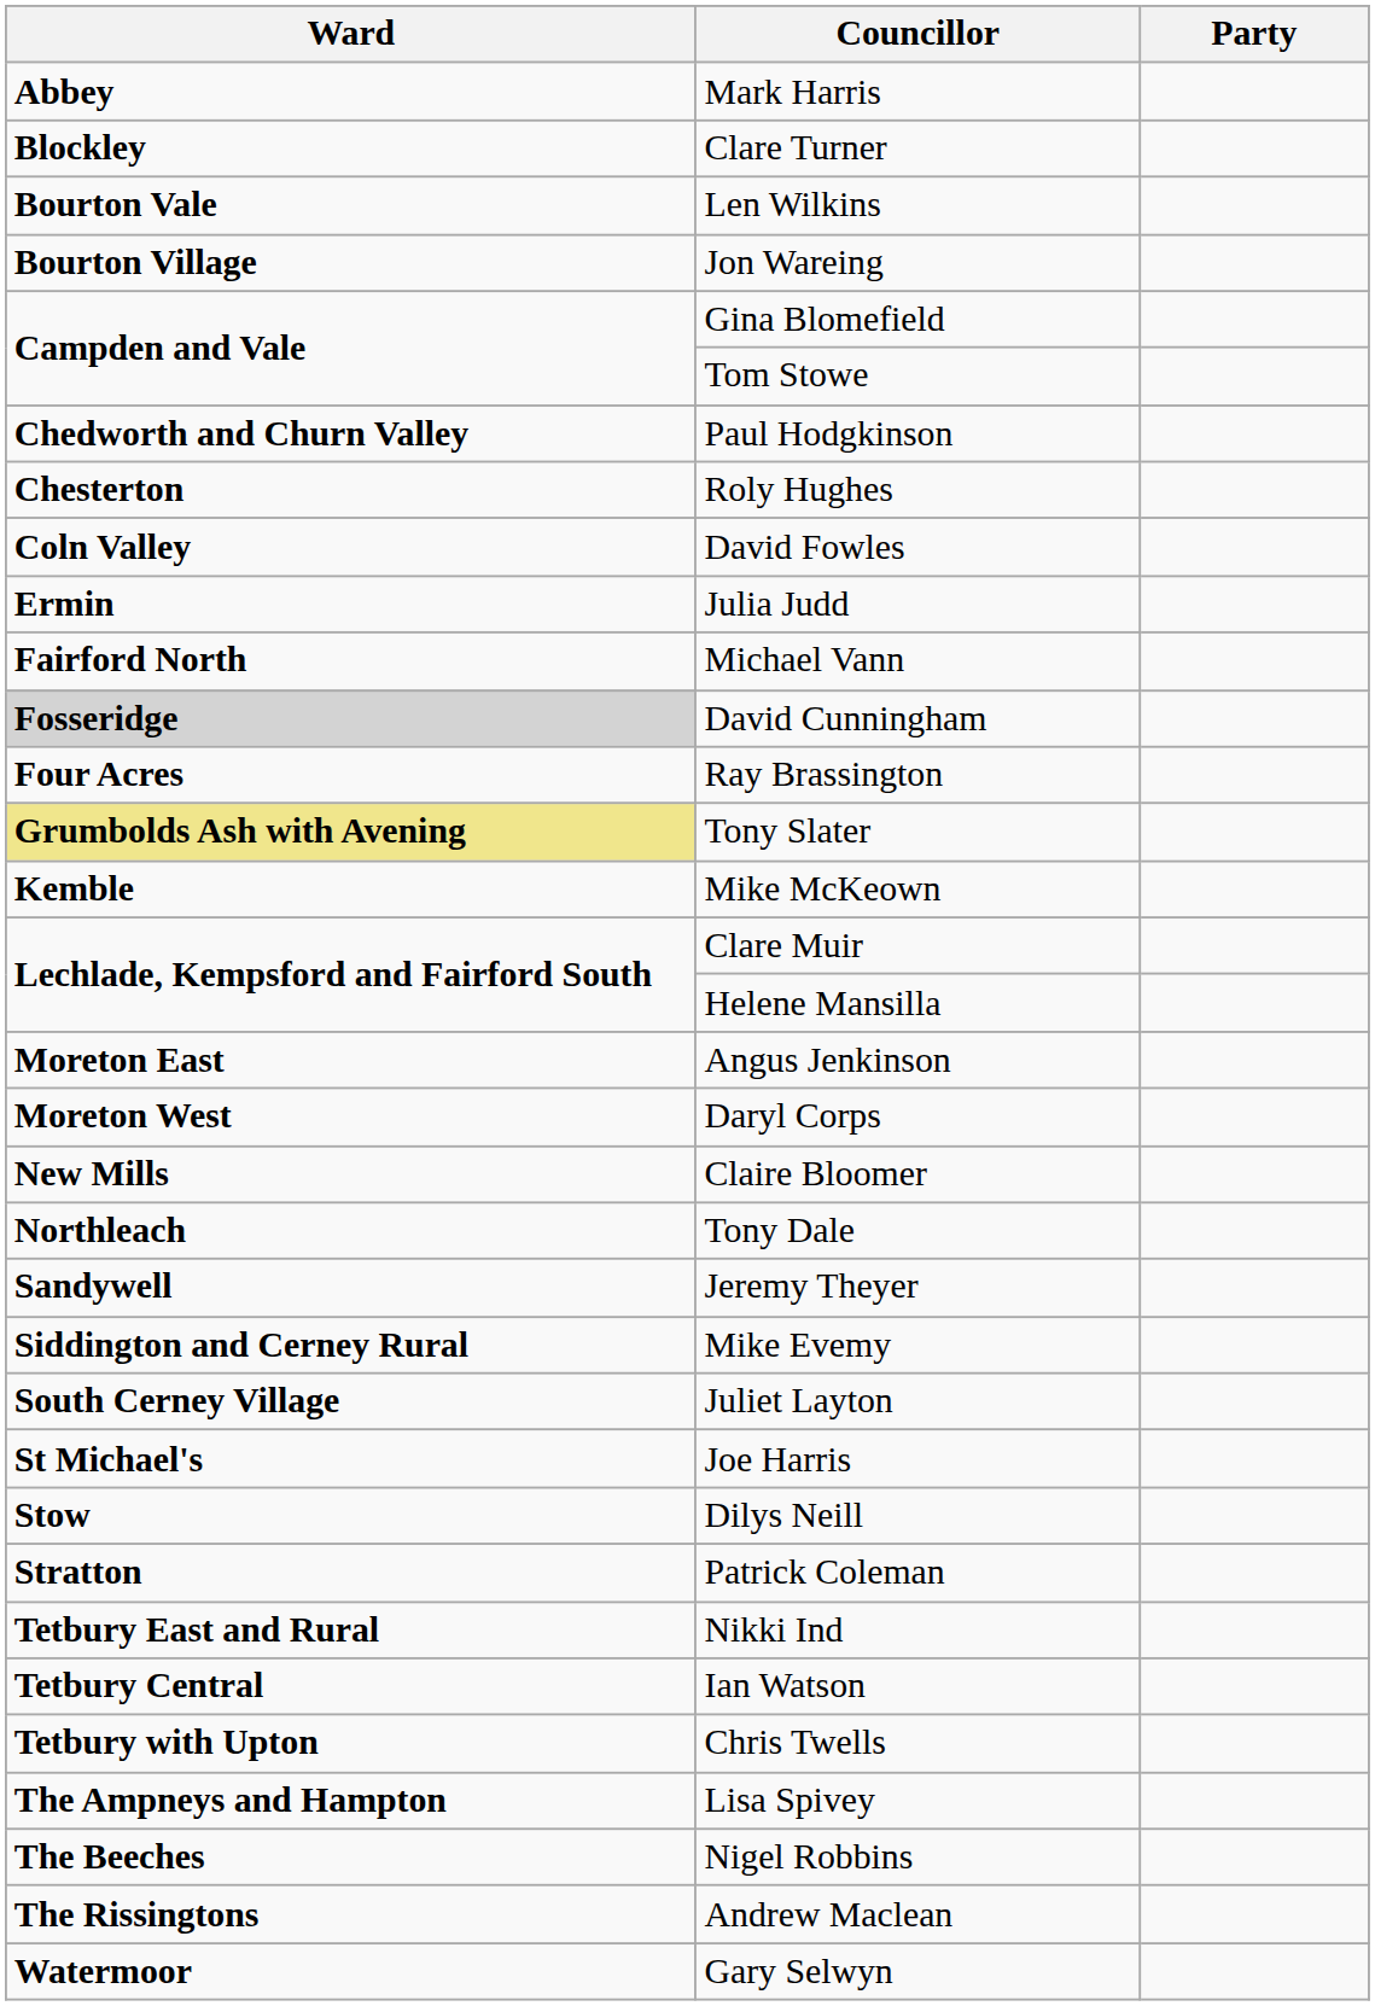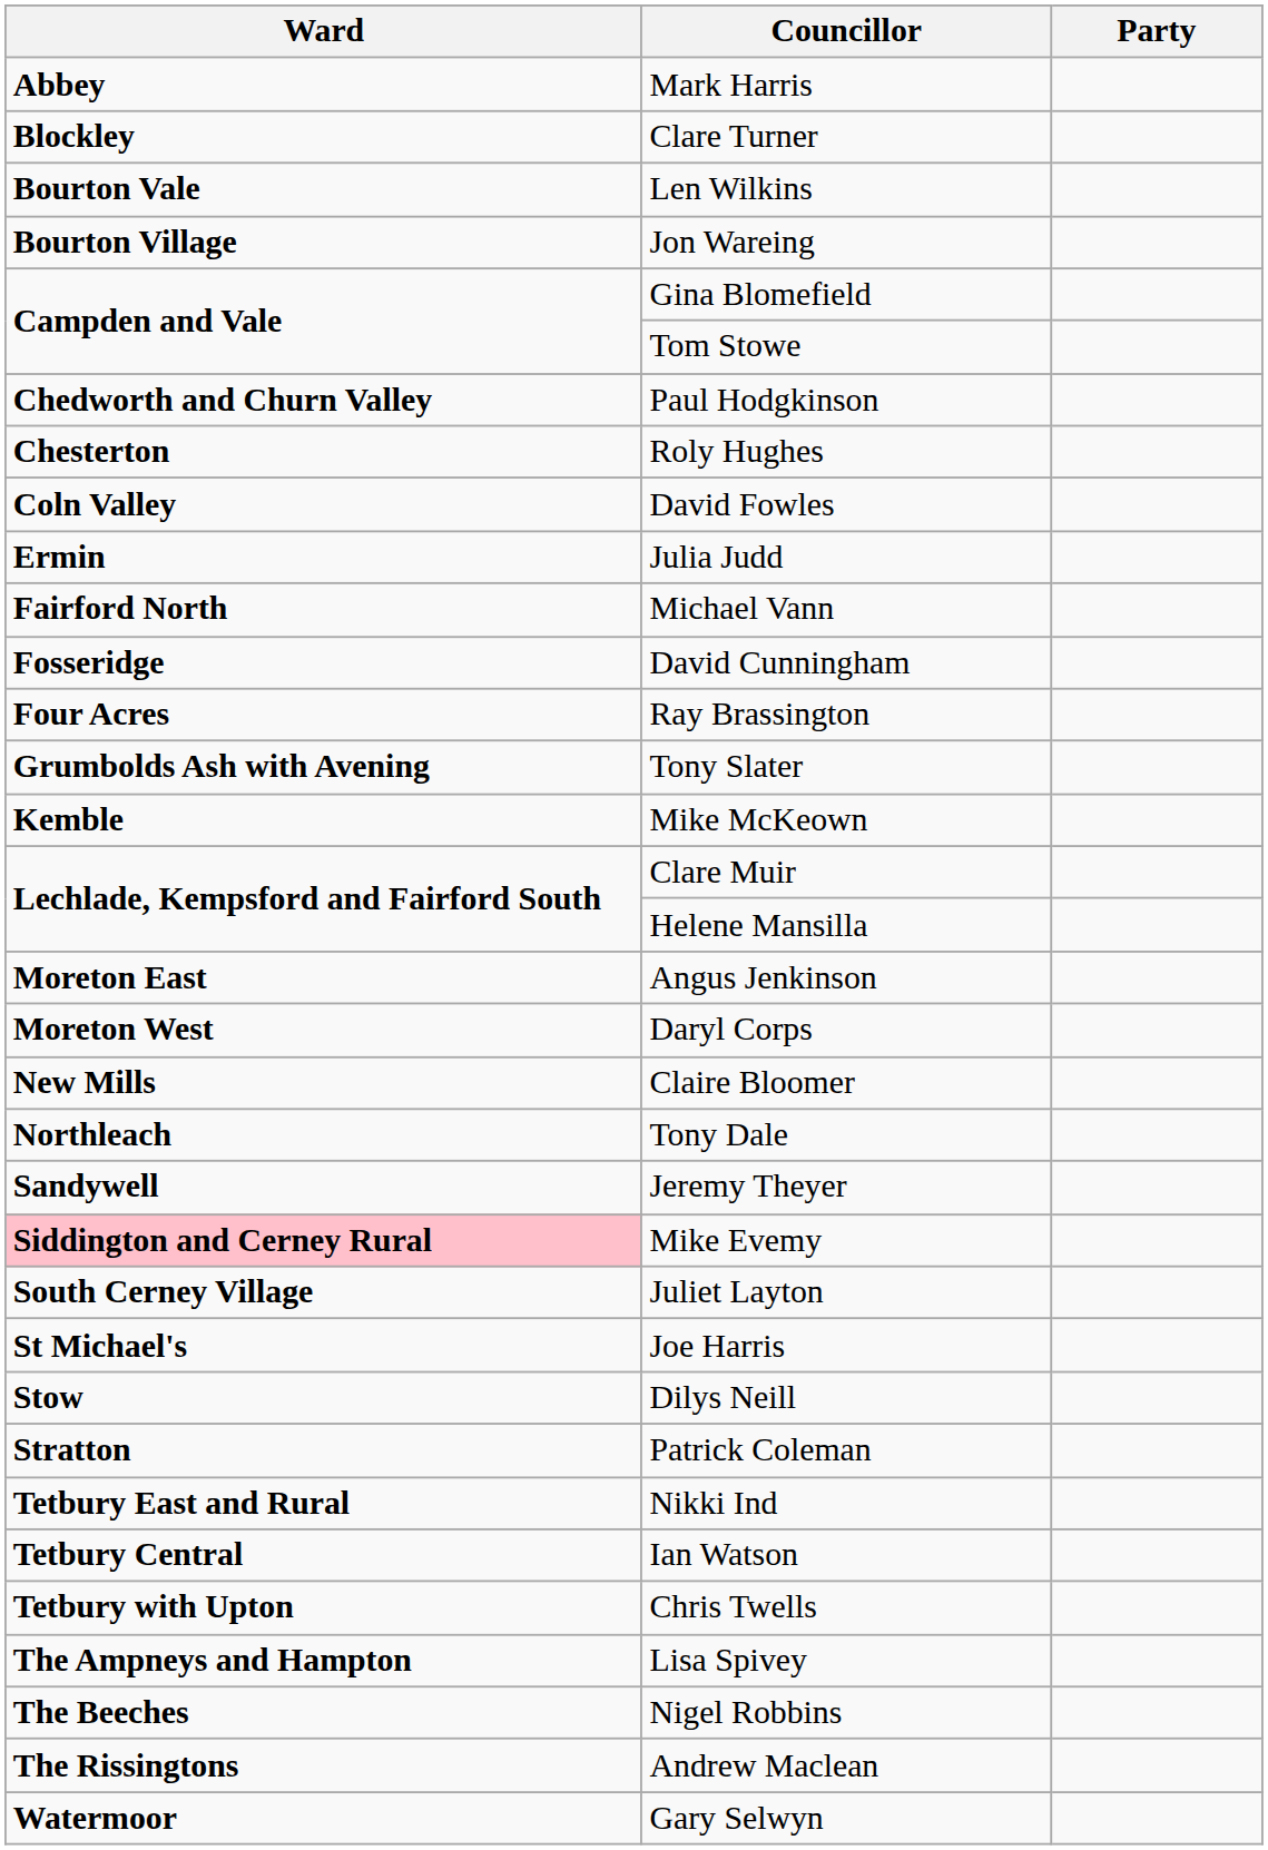 <table class="wikitable">
 <tr>
 <th ! scope="col" style="width: 300px;">Ward</th>
 <th ! scope="col" style="width: 190px;">Councillor</th>
 <th ! scope="col" style="width: 150px;" colspan=2>Party</th>
 </tr>
 <tr>
 <td><strong>Abbey</strong></td>
 <td>Mark Harris</td>
 <td></td>
 </tr>
 <tr>
 <td><strong>Blockley</strong></td>
 <td>Clare Turner</td>
 <td></td>
 </tr>
 <tr>
 <td><strong>Bourton Vale</strong></td>
 <td>Len Wilkins</td>
 <td></td>
 </tr>
 <tr>
 <td><strong>Bourton Village</strong></td>
 <td>Jon Wareing</td>
 <td></td>
 </tr>
 <tr>
 <td rowspan=2><strong>Campden and Vale</strong></td>
 <td>Gina Blomefield</td>
 <td></td>
 </tr>
 <tr>
 <td>Tom Stowe</td>
 <td></td>
 </tr>
 <tr>
 <td><strong>Chedworth and Churn Valley</strong></td>
 <td>Paul Hodgkinson</td>
 <td></td>
 </tr>
 <tr>
 <td><strong>Chesterton</strong></td>
 <td>Roly Hughes</td>
 <td></td>
 </tr>
 <tr>
 <td><strong>Coln Valley</strong></td>
 <td>David Fowles</td>
 <td></td>
 </tr>
 <tr>
 <td><strong>Ermin</strong></td>
 <td>Julia Judd</td>
 <td></td>
 </tr>
 <tr>
 <td><strong>Fairford North</strong></td>
 <td>Michael Vann</td>
 <td></td>
 </tr>
 <tr>
-<td style="background: lightgrey;"><strong>Fosseridge</strong></td>
+<td><strong>Fosseridge</strong></td>
 <td>David Cunningham</td>
 <td></td>
 </tr>
 <tr>
 <td><strong>Four Acres</strong></td>
 <td>Ray Brassington</td>
 <td></td>
 </tr>
 <tr>
-<td style="background: khaki;"><strong>Grumbolds Ash with Avening</strong></td>
+<td><strong>Grumbolds Ash with Avening</strong></td>
 <td>Tony Slater</td>
 <td></td>
 </tr>
 <tr>
 <td><strong>Kemble</strong></td>
 <td>Mike McKeown</td>
 <td></td>
 </tr>
 <tr>
 <td rowspan=2><strong>Lechlade, Kempsford and Fairford South</strong></td>
 <td>Clare Muir</td>
 <td></td>
 </tr>
 <tr>
 <td>Helene Mansilla</td>
 <td></td>
 </tr>
 <tr>
 <td><strong>Moreton East</strong></td>
 <td>Angus Jenkinson</td>
 <td></td>
 </tr>
 <tr>
 <td><strong>Moreton West</strong></td>
 <td>Daryl Corps</td>
 <td></td>
 </tr>
 <tr>
 <td><strong>New Mills</strong></td>
 <td>Claire Bloomer</td>
 <td></td>
 </tr>
 <tr>
 <td><strong>Northleach</strong></td>
 <td>Tony Dale</td>
 <td></td>
 </tr>
 <tr>
 <td><strong>Sandywell</strong></td>
 <td>Jeremy Theyer</td>
 <td></td>
 </tr>
 <tr>
-<td><strong>Siddington and Cerney Rural</strong></td>
+<td style="background: pink;"><strong>Siddington and Cerney Rural</strong></td>
 <td>Mike Evemy</td>
 <td></td>
 </tr>
 <tr>
 <td><strong>South Cerney Village</strong></td>
 <td>Juliet Layton</td>
 <td></td>
 </tr>
 <tr>
 <td><strong>St Michael's</strong></td>
 <td>Joe Harris</td>
 <td></td>
 </tr>
 <tr>
 <td><strong>Stow</strong></td>
 <td>Dilys Neill</td>
 <td></td>
 </tr>
 <tr>
 <td><strong>Stratton</strong></td>
 <td>Patrick Coleman</td>
 <td></td>
 </tr>
 <tr>
 <td><strong>Tetbury East and Rural</strong></td>
 <td>Nikki Ind</td>
 <td></td>
 </tr>
 <tr>
 <td><strong>Tetbury Central</strong></td>
 <td>Ian Watson</td>
 <td></td>
 </tr>
 <tr>
 <td><strong>Tetbury with Upton</strong></td>
 <td>Chris Twells</td>
 <td></td>
 </tr>
 <tr>
 <td><strong>The Ampneys and Hampton</strong></td>
 <td>Lisa Spivey</td>
 <td></td>
 </tr>
 <tr>
 <td><strong>The Beeches</strong></td>
 <td>Nigel Robbins</td>
 <td></td>
 </tr>
 <tr>
 <td><strong>The Rissingtons</strong></td>
 <td>Andrew Maclean</td>
 <td></td>
 </tr>
 <tr>
 <td><strong>Watermoor</strong></td>
 <td>Gary Selwyn</td>
 <td></td>
 </tr>
 </table>
